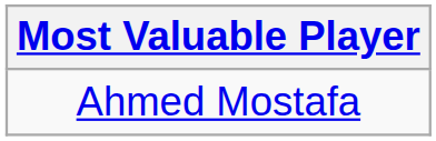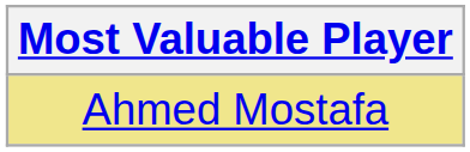 <table class=wikitable style="text-align:center; margin:auto">
 <tr>
 <th><a href='#'>Most Valuable Player</a></th>
 </tr>
 <tr>
-<td> <a href='#'>Ahmed Mostafa</a></td>
+<td style="background: khaki;"> <a href='#'>Ahmed Mostafa</a></td>
 </tr>
 </table>
